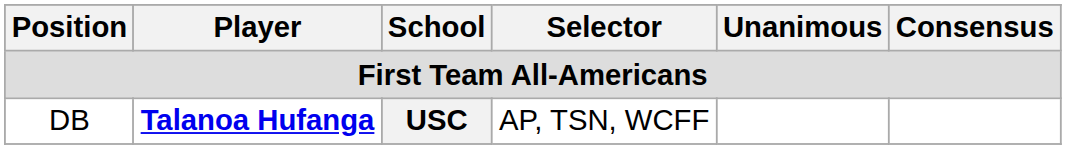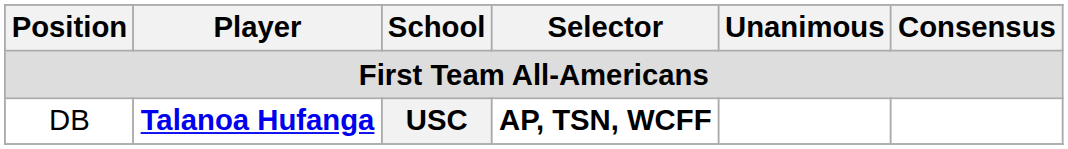 <table class="wikitable" border="0">
 <tr>
 <th>Position</th>
 <th>Player</th>
 <th>School</th>
 <th>Selector</th>
 <th>Unanimous</th>
 <th>Consensus</th>
 </tr>
 <tr>
 <td colspan="6" style="text-align:center; background:#ddd;"><strong>First Team All-Americans</strong></td>
 </tr>
 <tr style="text-align:center;">
 <td style="background:white">DB</td>
 <td style="background:white"><strong><a href='#'>Talanoa Hufanga</a></strong></td>
 <th style=>USC</th>
-<td style="background:white">AP, TSN, WCFF</td>
+<td style="background:white"><strong>AP, TSN, WCFF</strong></td>
 <td style="background:white"></td>
 <td style="background:white"></td>
 </tr>
 </table>
